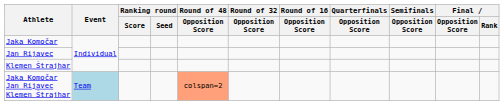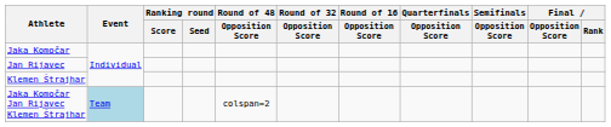 <table class="wikitable" style="font-size:90%">
 <tr>
 <th rowspan=2>Athlete</th>
 <th rowspan=2>Event</th>
 <th colspan=2>Ranking round</th>
 <th>Round of 48</th>
 <th>Round of 32</th>
 <th>Round of 16</th>
 <th>Quarterfinals</th>
 <th>Semifinals</th>
 <th colspan=2>Final / </th>
 </tr>
 <tr style="font-size:95%">
 <th>Score</th>
 <th>Seed</th>
 <th>Opposition<br>Score</th>
 <th>Opposition<br>Score</th>
 <th>Opposition<br>Score</th>
 <th>Opposition<br>Score</th>
 <th>Opposition<br>Score</th>
 <th>Opposition<br>Score</th>
 <th>Rank</th>
 </tr>
 <tr align=center>
 <td align=left><a href='#'>Jaka Komočar</a></td>
 <td align=left rowspan=3><a href='#'>Individual</a></td>
 <td></td>
 <td></td>
 <td></td>
 <td></td>
 <td></td>
 <td></td>
 <td></td>
 <td></td>
 <td></td>
 </tr>
 <tr align=center>
 <td align=left><a href='#'>Jan Rijavec</a></td>
 <td></td>
 <td></td>
 <td></td>
 <td></td>
 <td></td>
 <td></td>
 <td></td>
 <td></td>
 <td></td>
 </tr>
 <tr align=center>
 <td align=left><a href='#'>Klemen Štrajhar</a></td>
 <td></td>
 <td></td>
 <td></td>
 <td></td>
 <td></td>
 <td></td>
 <td></td>
 <td></td>
 <td></td>
 </tr>
 <tr align=center>
 <td align=left><a href='#'>Jaka Komočar</a><br><a href='#'>Jan Rijavec</a><br><a href='#'>Klemen Štrajhar</a></td>
 <td align=left style="background: lightblue;"><a href='#'>Team</a></td>
 <td></td>
 <td></td>
-<td style="background: lightsalmon;">colspan=2 </td>
+<td>colspan=2 </td>
 <td></td>
 <td></td>
 <td></td>
 <td></td>
 <td></td>
 </tr>
 </table>
